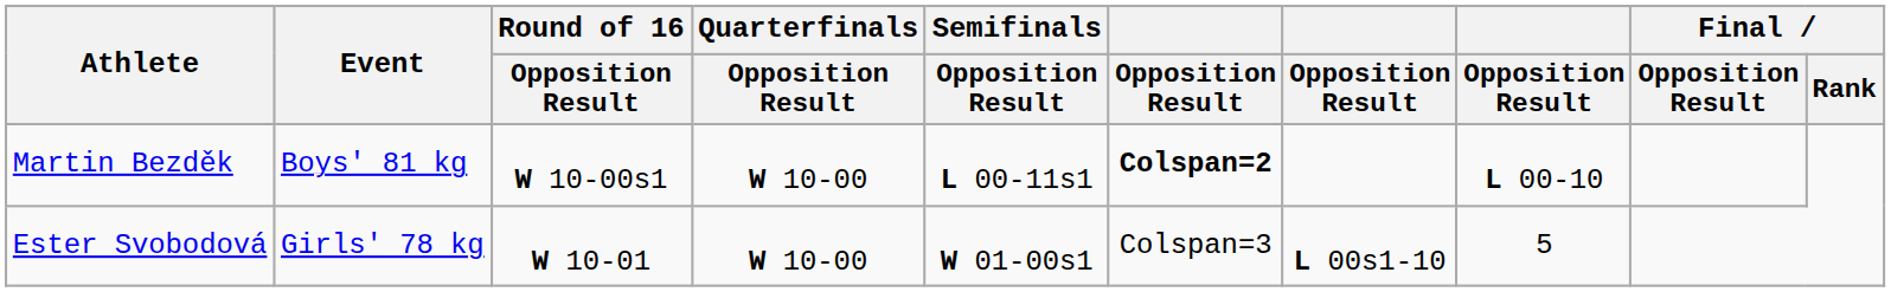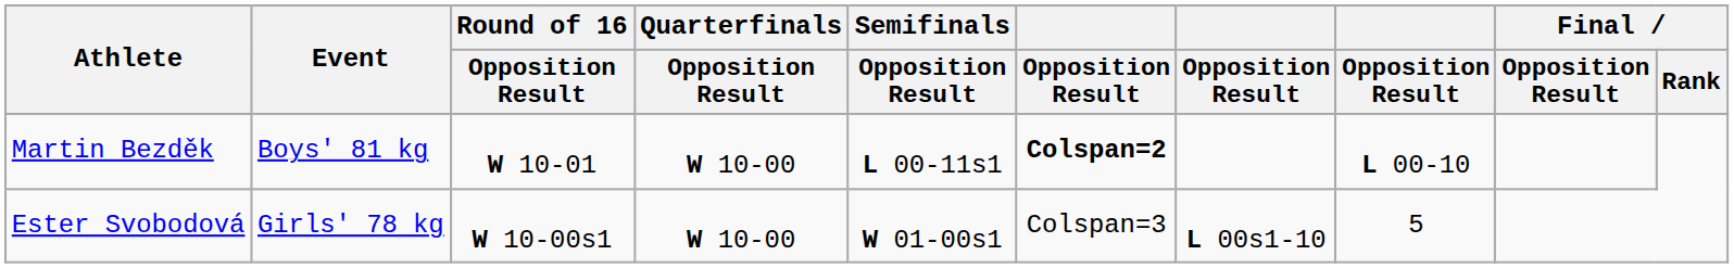 <table class="wikitable" style="text-align:center;font-size:90%">
 <tr>
 <th rowspan=2>Athlete</th>
 <th rowspan=2>Event</th>
 <th>Round of 16</th>
 <th>Quarterfinals</th>
 <th>Semifinals</th>
 <th></th>
 <th></th>
 <th></th>
 <th colspan=2>Final / </th>
 </tr>
 <tr style="font-size:95%">
 <th>Opposition<br>Result</th>
 <th>Opposition<br>Result</th>
 <th>Opposition<br>Result</th>
 <th>Opposition<br>Result</th>
 <th>Opposition<br>Result</th>
 <th>Opposition<br>Result</th>
 <th>Opposition<br>Result</th>
 <th>Rank</th>
 </tr>
 <tr align=center>
 <td align=left><a href='#'>Martin Bezděk</a></td>
 <td align=left><a href='#'>Boys' 81 kg</a></td>
-<td><br> <strong>W</strong>  10-00s1</td>
+<td><br> <strong>W</strong> 10-01</td>
 <td><br> <strong>W</strong> 10-00</td>
 <td><br> <strong>L</strong> 00-11s1</td>
 <td><strong>Colspan=2 </strong></td>
 <td></td>
 <td><br> <strong>L</strong> 00-10</td>
 <td></td>
 </tr>
 <tr align=center>
 <td align=left><a href='#'>Ester Svobodová</a></td>
 <td align=left><a href='#'>Girls' 78 kg</a></td>
-<td><br> <strong>W</strong> 10-01</td>
+<td><br> <strong>W</strong>  10-00s1</td>
 <td><br> <strong>W</strong> 10-00</td>
 <td><br> <strong>W</strong> 01-00s1</td>
 <td>Colspan=3 </td>
 <td><br> <strong>L</strong> 00s1-10</td>
 <td>5</td>
 </tr>
 </table>
